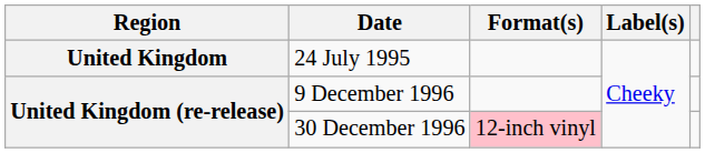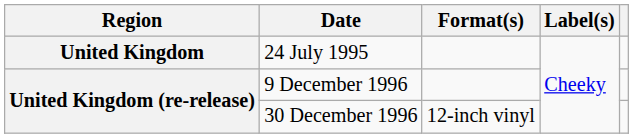 <table class="wikitable plainrowheaders">
 <tr>
 <th scope="col">Region</th>
 <th scope="col">Date</th>
 <th scope="col">Format(s)</th>
 <th scope="col">Label(s)</th>
 <th scope="col"></th>
 </tr>
 <tr>
 <th scope="row">United Kingdom</th>
 <td>24 July 1995</td>
 <td></td>
 <td rowspan="3"><a href='#'>Cheeky</a></td>
 <td></td>
 </tr>
 <tr>
 <th scope="row" rowspan="2">United Kingdom (re-release)</th>
 <td>9 December 1996</td>
 <td></td>
 <td></td>
 </tr>
 <tr>
 <td>30 December 1996</td>
-<td style="background: pink;">12-inch vinyl</td>
+<td>12-inch vinyl</td>
 <td></td>
 </tr>
 </table>
